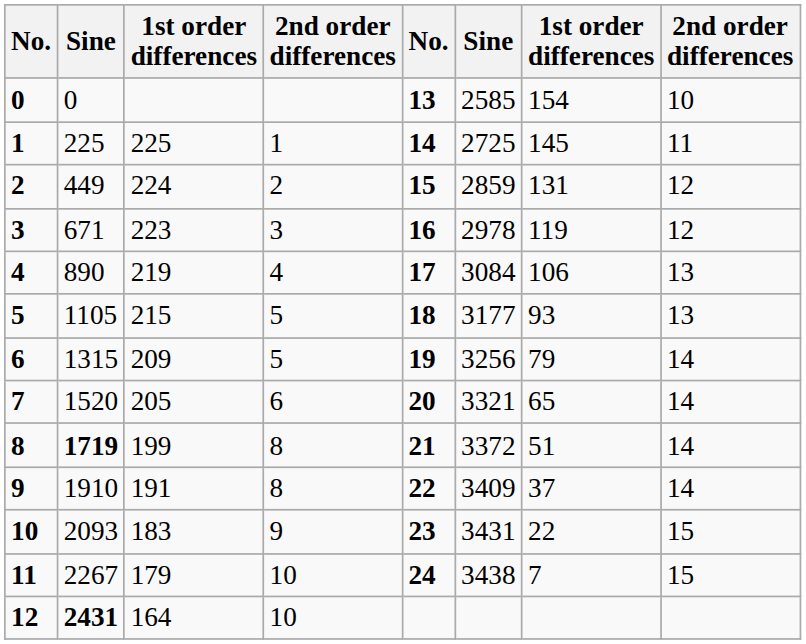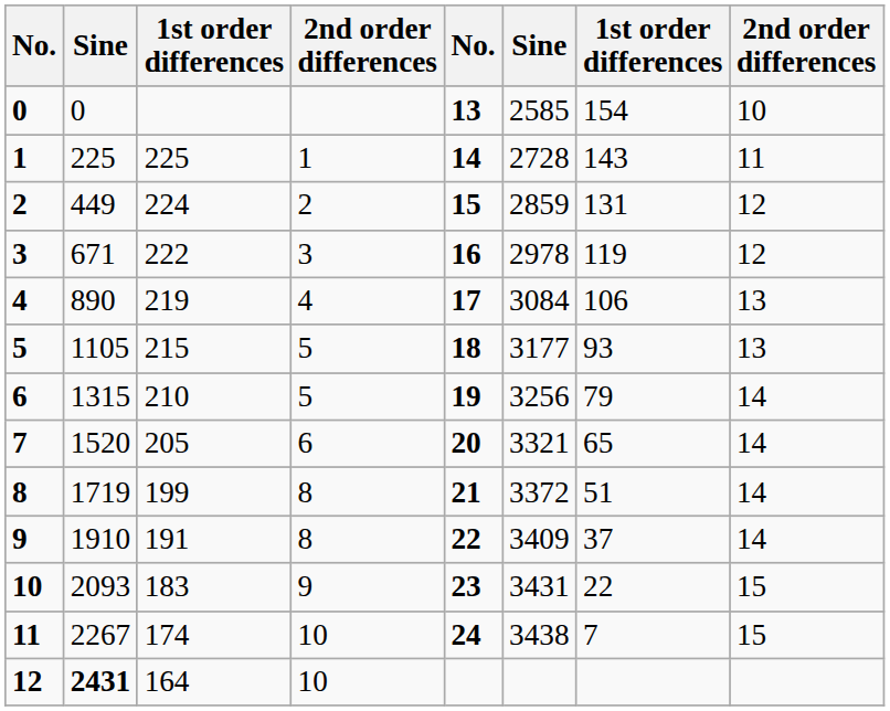 <table class="wikitable">
 <tr>
 <th>No.</th>
 <th>Sine</th>
 <th>1st order<br>differences</th>
 <th>2nd order<br>differences</th>
 <th>No.</th>
 <th>Sine</th>
 <th>1st order<br>differences</th>
 <th>2nd order<br>differences</th>
 </tr>
 <tr>
 <td><strong>0</strong></td>
 <td>0</td>
 <td></td>
 <td></td>
 <td><strong>13</strong></td>
 <td>2585</td>
 <td>154</td>
 <td>10</td>
 </tr>
 <tr>
 <td><strong>1</strong></td>
 <td>225</td>
 <td>225</td>
 <td>1</td>
 <td><strong>14</strong></td>
-<td>2725</td>
-<td>145</td>
+<td>2728</td>
+<td>143</td>
 <td>11</td>
 </tr>
 <tr>
 <td><strong>2</strong></td>
 <td>449</td>
 <td>224</td>
 <td>2</td>
 <td><strong>15</strong></td>
 <td>2859</td>
 <td>131</td>
 <td>12</td>
 </tr>
 <tr>
 <td><strong>3</strong></td>
 <td>671</td>
-<td>223</td>
+<td>222</td>
 <td>3</td>
 <td><strong>16</strong></td>
 <td>2978</td>
 <td>119</td>
 <td>12</td>
 </tr>
 <tr>
 <td><strong>4</strong></td>
 <td>890</td>
 <td>219</td>
 <td>4</td>
 <td><strong>17</strong></td>
 <td>3084</td>
 <td>106</td>
 <td>13</td>
 </tr>
 <tr>
 <td><strong>5</strong></td>
 <td>1105</td>
 <td>215</td>
 <td>5</td>
 <td><strong>18</strong></td>
 <td>3177</td>
 <td>93</td>
 <td>13</td>
 </tr>
 <tr>
 <td><strong>6</strong></td>
 <td>1315</td>
-<td>209</td>
+<td>210</td>
 <td>5</td>
 <td><strong>19</strong></td>
 <td>3256</td>
 <td>79</td>
 <td>14</td>
 </tr>
 <tr>
 <td><strong>7</strong></td>
 <td>1520</td>
 <td>205</td>
 <td>6</td>
 <td><strong>20</strong></td>
 <td>3321</td>
 <td>65</td>
 <td>14</td>
 </tr>
 <tr>
 <td><strong>8</strong></td>
-<td><strong>1719</strong></td>
+<td>1719</td>
 <td>199</td>
 <td>8</td>
 <td><strong>21</strong></td>
 <td>3372</td>
 <td>51</td>
 <td>14</td>
 </tr>
 <tr>
 <td><strong>9</strong></td>
 <td>1910</td>
 <td>191</td>
 <td>8</td>
 <td><strong>22</strong></td>
 <td>3409</td>
 <td>37</td>
 <td>14</td>
 </tr>
 <tr>
 <td><strong>10</strong></td>
 <td>2093</td>
 <td>183</td>
 <td>9</td>
 <td><strong>23</strong></td>
 <td>3431</td>
 <td>22</td>
 <td>15</td>
 </tr>
 <tr>
 <td><strong>11</strong></td>
 <td>2267</td>
-<td>179</td>
+<td>174</td>
 <td>10</td>
 <td><strong>24</strong></td>
 <td>3438</td>
 <td>7</td>
 <td>15</td>
 </tr>
 <tr>
 <td><strong>12</strong></td>
 <td><strong>2431</strong></td>
 <td>164</td>
 <td>10</td>
 <td></td>
 <td></td>
 <td></td>
 <td></td>
 </tr>
 </table>
